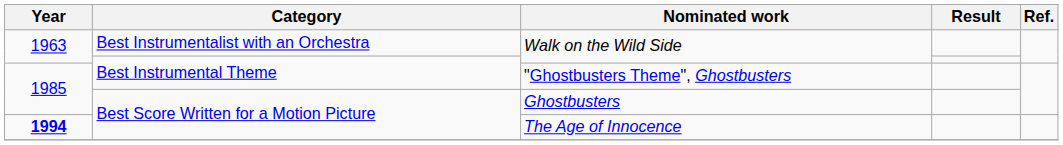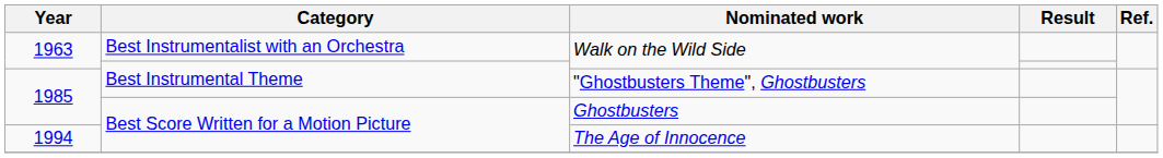 <table class=wikitable>
 <tr>
 <th scope="col" style="width:5em;">Year</th>
 <th scope="col" style="width:26em;">Category</th>
 <th scope="col" style="width:25em;">Nominated work</th>
 <th scope="col" style="width:5em;">Result</th>
 <th>Ref.</th>
 </tr>
 <tr>
 <td style="text-align:center;", rowspan=2><a href='#'>1963</a></td>
 <td><a href='#'>Best Instrumentalist with an Orchestra</a></td>
 <td rowspan=2><em>Walk on the Wild Side</em></td>
 <td></td>
 <td rowspan=2></td>
 </tr>
 <tr>
 <td rowspan=2><a href='#'>Best Instrumental Theme</a></td>
 <td></td>
 </tr>
 <tr>
 <td style="text-align:center;", rowspan=2><a href='#'>1985</a></td>
 <td>"<a href='#'>Ghostbusters Theme</a>", <em><a href='#'>Ghostbusters</a></em></td>
 <td></td>
 <td rowspan=2></td>
 </tr>
 <tr>
 <td rowspan=2><a href='#'>Best Score Written for a Motion Picture</a></td>
 <td><em><a href='#'>Ghostbusters</a></em></td>
 <td></td>
 </tr>
 <tr>
-<td style="text-align:center;"><strong><a href='#'>1994</a></strong></td>
+<td style="text-align:center;"><a href='#'>1994</a></td>
 <td><em><a href='#'>The Age of Innocence</a></em></td>
 <td></td>
 <td></td>
 </tr>
 <tr>
 </tr>
 </table>
